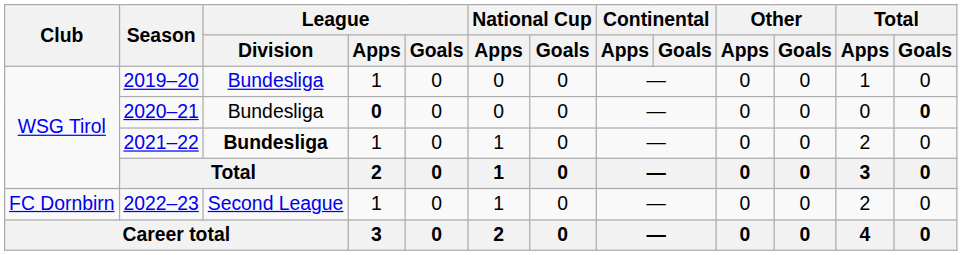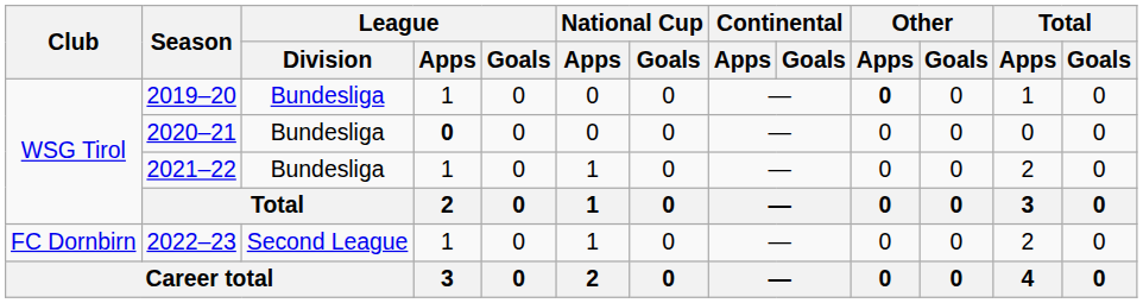 <table class="wikitable" style="text-align: center">
 <tr>
 <th rowspan="2">Club</th>
 <th rowspan="2">Season</th>
 <th colspan="3">League</th>
 <th colspan="2">National Cup</th>
 <th colspan="2">Continental</th>
 <th colspan="2">Other</th>
 <th colspan="2">Total</th>
 </tr>
 <tr>
 <th>Division</th>
 <th>Apps</th>
 <th>Goals</th>
 <th>Apps</th>
 <th>Goals</th>
 <th>Apps</th>
 <th>Goals</th>
 <th>Apps</th>
 <th>Goals</th>
 <th>Apps</th>
 <th>Goals</th>
 </tr>
 <tr>
 <td rowspan="4"><a href='#'>WSG Tirol</a></td>
 <td><a href='#'>2019–20</a></td>
 <td><a href='#'>Bundesliga</a></td>
 <td>1</td>
 <td>0</td>
 <td>0</td>
 <td>0</td>
 <td colspan="2">—</td>
-<td>0</td>
+<td><strong>0</strong></td>
 <td>0</td>
 <td>1</td>
 <td>0</td>
 </tr>
 <tr>
 <td><a href='#'>2020–21</a></td>
 <td>Bundesliga</td>
 <td><strong>0</strong></td>
 <td>0</td>
 <td>0</td>
 <td>0</td>
 <td colspan="2">—</td>
 <td>0</td>
 <td>0</td>
 <td>0</td>
-<td><strong>0</strong></td>
+<td>0</td>
 </tr>
 <tr>
 <td><a href='#'>2021–22</a></td>
-<td><strong>Bundesliga</strong></td>
+<td>Bundesliga</td>
 <td>1</td>
 <td>0</td>
 <td>1</td>
 <td>0</td>
 <td colspan="2">—</td>
 <td>0</td>
 <td>0</td>
 <td>2</td>
 <td>0</td>
 </tr>
 <tr>
 <th colspan="2">Total</th>
 <th>2</th>
 <th>0</th>
 <th>1</th>
 <th>0</th>
 <th colspan="2">—</th>
 <th>0</th>
 <th>0</th>
 <th>3</th>
 <th>0</th>
 </tr>
 <tr>
 <td><a href='#'>FC Dornbirn</a></td>
 <td><a href='#'>2022–23</a></td>
 <td><a href='#'>Second League</a></td>
 <td>1</td>
 <td>0</td>
 <td>1</td>
 <td>0</td>
 <td colspan="2">—</td>
 <td>0</td>
 <td>0</td>
 <td>2</td>
 <td>0</td>
 </tr>
 <tr>
 <th colspan="3">Career total</th>
 <th>3</th>
 <th>0</th>
 <th>2</th>
 <th>0</th>
 <th colspan="2">—</th>
 <th>0</th>
 <th>0</th>
 <th>4</th>
 <th>0</th>
 </tr>
 </table>
